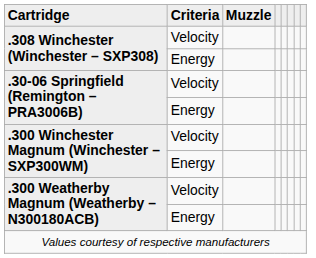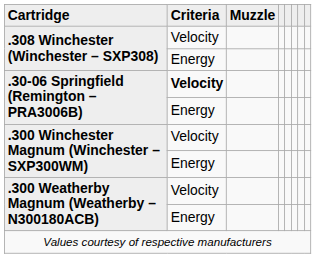 <table class="wikitable">
 <tr>
 <td style="background: #eeeeee" width="180pt"><strong>Cartridge</strong></td>
 <td style="background: #eeeeee"><strong>Criteria</strong></td>
 <td style="background: #eeeeee"><strong>Muzzle</strong></td>
 <td style="background: #eeeeee"><strong></strong></td>
 <td style="background: #eeeeee"><strong></strong></td>
 <td style="background: #eeeeee"><strong></strong></td>
 <td style="background: #eeeeee"><strong></strong></td>
 <td style="background: #eeeeee"><strong></strong></td>
 </tr>
 <tr>
 <td style="background: #eeeeee" rowspan="2"><strong>.308 Winchester (Winchester – SXP308) </strong></td>
 <td>Velocity</td>
 <td></td>
 <td></td>
 <td></td>
 <td></td>
 <td></td>
 <td></td>
 </tr>
 <tr>
 <td>Energy</td>
 <td></td>
 <td></td>
 <td></td>
 <td></td>
 <td></td>
 <td></td>
 </tr>
 <tr>
 <td style="background: #eeeeee" rowspan="2"><strong>.30-06 Springfield (Remington – PRA3006B) </strong></td>
-<td>Velocity</td>
+<td><strong>Velocity</strong></td>
 <td></td>
 <td></td>
 <td></td>
 <td></td>
 <td></td>
 <td></td>
 </tr>
 <tr>
 <td>Energy</td>
 <td></td>
 <td></td>
 <td></td>
 <td></td>
 <td></td>
 <td></td>
 </tr>
 <tr>
 <td style="background: #eeeeee" rowspan="2"><strong>.300 Winchester Magnum (Winchester – SXP300WM) </strong></td>
 <td>Velocity</td>
 <td></td>
 <td></td>
 <td></td>
 <td></td>
 <td></td>
 <td></td>
 </tr>
 <tr>
 <td>Energy</td>
 <td></td>
 <td></td>
 <td></td>
 <td></td>
 <td></td>
 <td></td>
 </tr>
 <tr>
 <td style="background: #eeeeee" rowspan="2"><strong>.300 Weatherby Magnum (Weatherby – N300180ACB) </strong></td>
 <td>Velocity</td>
 <td></td>
 <td></td>
 <td></td>
 <td></td>
 <td></td>
 <td></td>
 </tr>
 <tr>
 <td>Energy</td>
 <td></td>
 <td></td>
 <td></td>
 <td></td>
 <td></td>
 <td></td>
 </tr>
 <tr>
 <td colspan="9" align="center"><small><em>Values courtesy of respective manufacturers</em></small></td>
 </tr>
 </table>
